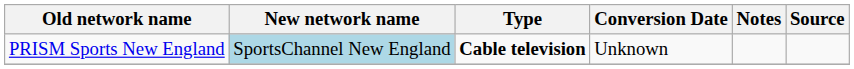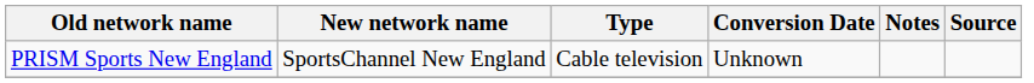 <table class="wikitable">
 <tr>
 <th>Old network name</th>
 <th>New network name</th>
 <th>Type</th>
 <th>Conversion Date</th>
 <th>Notes</th>
 <th>Source</th>
 </tr>
 <tr>
 <td><a href='#'>PRISM Sports New England</a></td>
-<td style="background: lightblue;">SportsChannel New England</td>
-<td><strong>Cable television</strong></td>
+<td>SportsChannel New England</td>
+<td>Cable television</td>
 <td>Unknown</td>
 <td></td>
 <td></td>
 </tr>
 <tr>
 </tr>
 </table>
